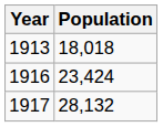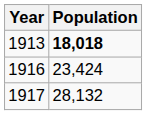 <table class="wikitable">
 <tr>
 <th>Year</th>
 <th>Population</th>
 </tr>
 <tr>
 <td>1913</td>
-<td>18,018</td>
+<td><strong>18,018</strong></td>
 </tr>
 <tr>
 <td>1916</td>
 <td>23,424</td>
 </tr>
 <tr>
 <td>1917</td>
 <td>28,132</td>
 </tr>
 </table>
